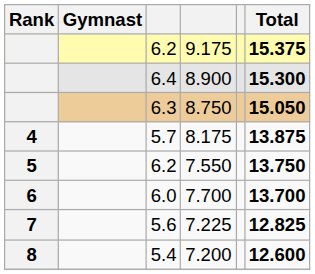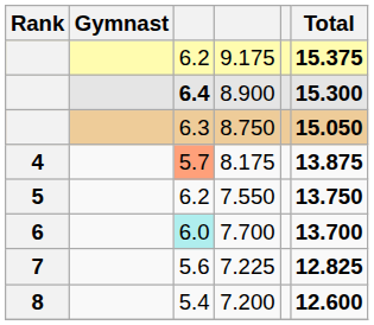 <table class="wikitable sortable" style="text-align:center; font-size:95%">
 <tr>
 <th scope=col>Rank</th>
 <th scope=col>Gymnast</th>
 <th scope=col></th>
 <th scope=col></th>
 <th scope=col></th>
 <th scope=col>Total</th>
 </tr>
 <tr bgcolor=fffcaf>
 <th scope=row style="text-align:center"></th>
 <td align=left></td>
 <td>6.2</td>
 <td>9.175</td>
 <td></td>
 <td><strong>15.375</strong></td>
 </tr>
 <tr bgcolor=e5e5e5>
 <th scope=row style="text-align:center"></th>
 <td align=left></td>
-<td>6.4</td>
+<td><strong>6.4</strong></td>
 <td>8.900</td>
 <td></td>
 <td><strong>15.300</strong></td>
 </tr>
 <tr bgcolor=eecc99>
 <th scope=row style="text-align:center"></th>
 <td align=left></td>
 <td>6.3</td>
 <td>8.750</td>
 <td></td>
 <td><strong>15.050</strong></td>
 </tr>
 <tr>
 <th scope=row style="text-align:center">4</th>
 <td align=left></td>
-<td>5.7</td>
+<td style="background: lightsalmon;">5.7</td>
 <td>8.175</td>
 <td></td>
 <td><strong>13.875</strong></td>
 </tr>
 <tr>
 <th scope=row style="text-align:center">5</th>
 <td align=left></td>
 <td>6.2</td>
 <td>7.550</td>
 <td></td>
 <td><strong>13.750</strong></td>
 </tr>
 <tr>
 <th scope=row style="text-align:center">6</th>
 <td align=left></td>
-<td>6.0</td>
+<td style="background: paleturquoise;">6.0</td>
 <td>7.700</td>
 <td></td>
 <td><strong>13.700</strong></td>
 </tr>
 <tr>
 <th scope=row style="text-align:center">7</th>
 <td align=left></td>
 <td>5.6</td>
 <td>7.225</td>
 <td></td>
 <td><strong>12.825</strong></td>
 </tr>
 <tr>
 <th scope=row style="text-align:center">8</th>
 <td align=left></td>
 <td>5.4</td>
 <td>7.200</td>
 <td></td>
 <td><strong>12.600</strong></td>
 </tr>
 <tr>
 </tr>
 </table>
